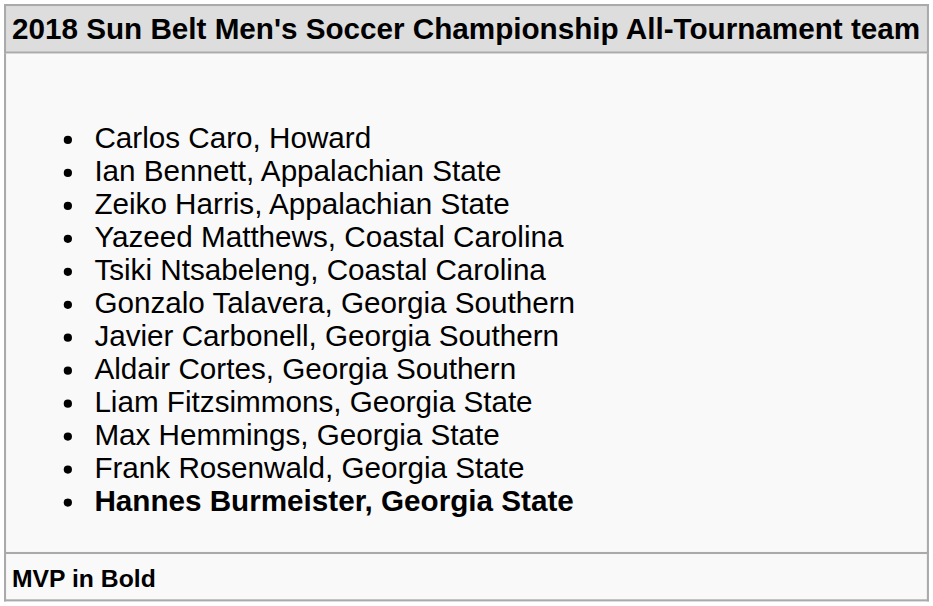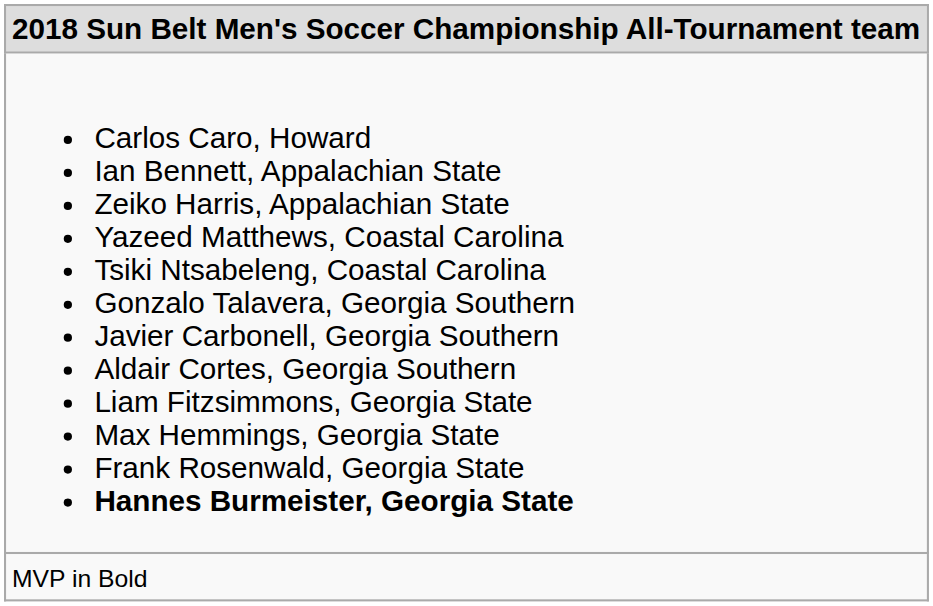 <table class="wikitable" style="white-space:nowrap; font-size:90%;">
 <tr>
 <td colspan="7" style="text-align:center; background:#ddd;"><strong>2018 Sun Belt Men's Soccer Championship All-Tournament team</strong></td>
 </tr>
 <tr>
 <td><br><ul><li>Carlos Caro, Howard</li><li>Ian Bennett, Appalachian State</li><li>Zeiko Harris, Appalachian State</li><li>Yazeed Matthews, Coastal Carolina</li><li>Tsiki Ntsabeleng, Coastal Carolina</li><li>Gonzalo Talavera, Georgia Southern</li><li>Javier Carbonell, Georgia Southern</li><li>Aldair Cortes, Georgia Southern</li><li>Liam Fitzsimmons, Georgia State</li><li>Max Hemmings, Georgia State</li><li>Frank Rosenwald, Georgia State</li><li><strong>Hannes Burmeister, Georgia State</strong></li></ul></td>
 </tr>
 <tr>
-<td><strong><small>MVP in Bold</small></strong></td>
+<td><small>MVP in Bold</small></td>
 </tr>
 </table>
